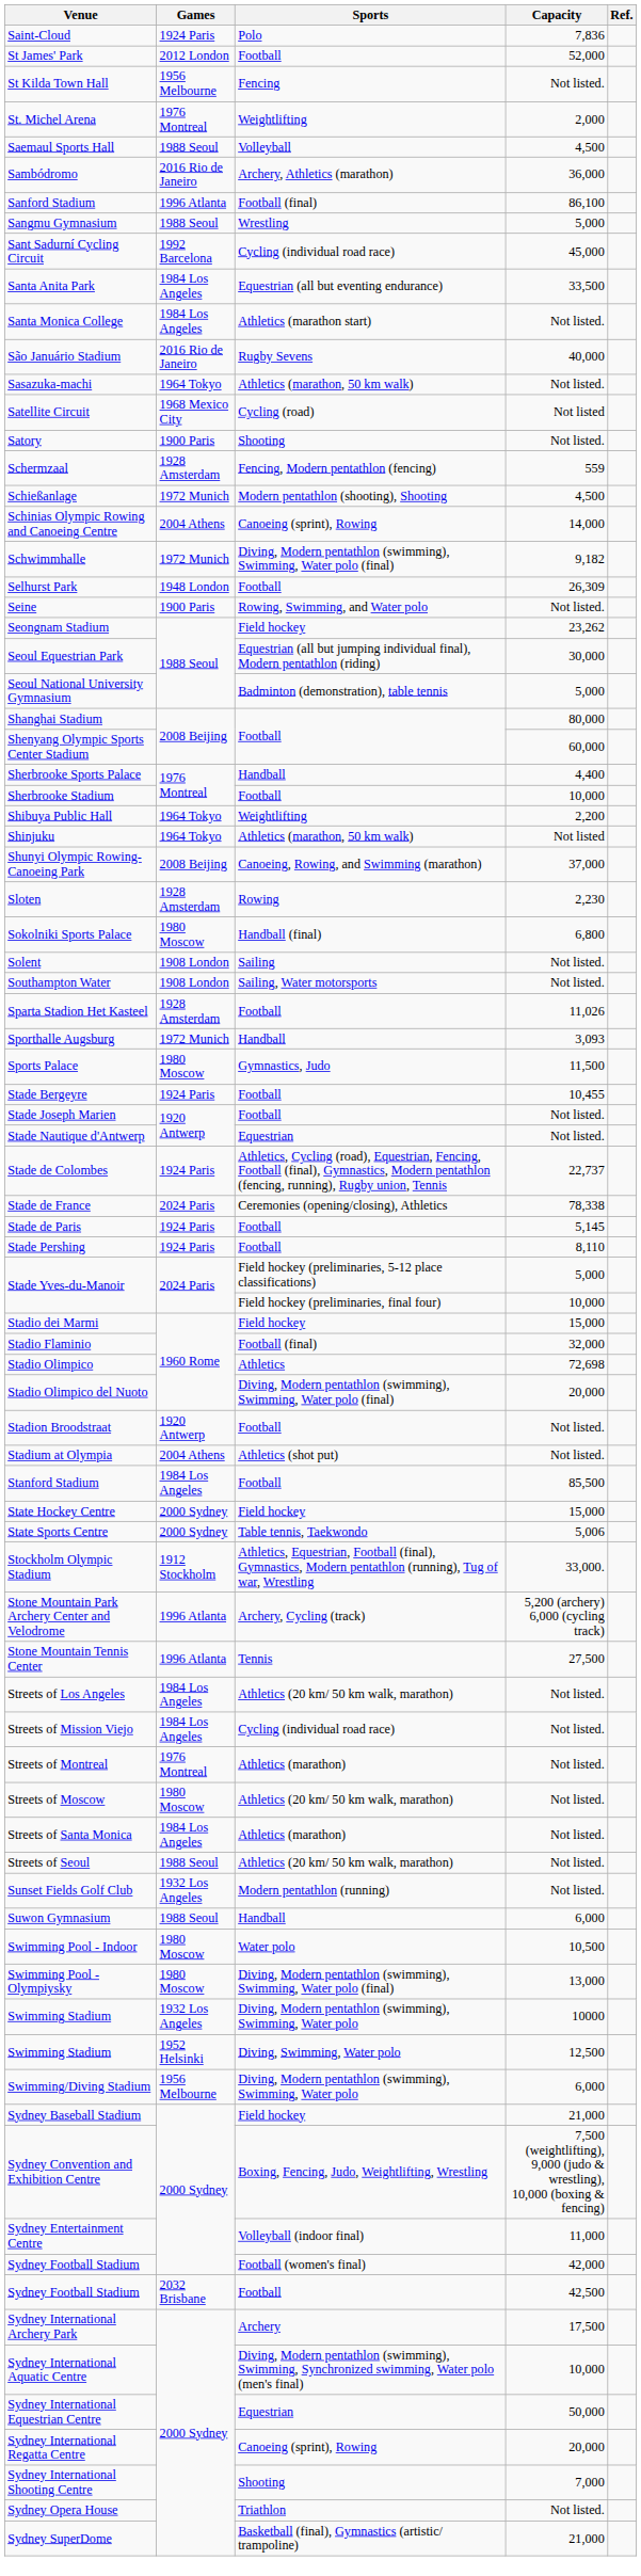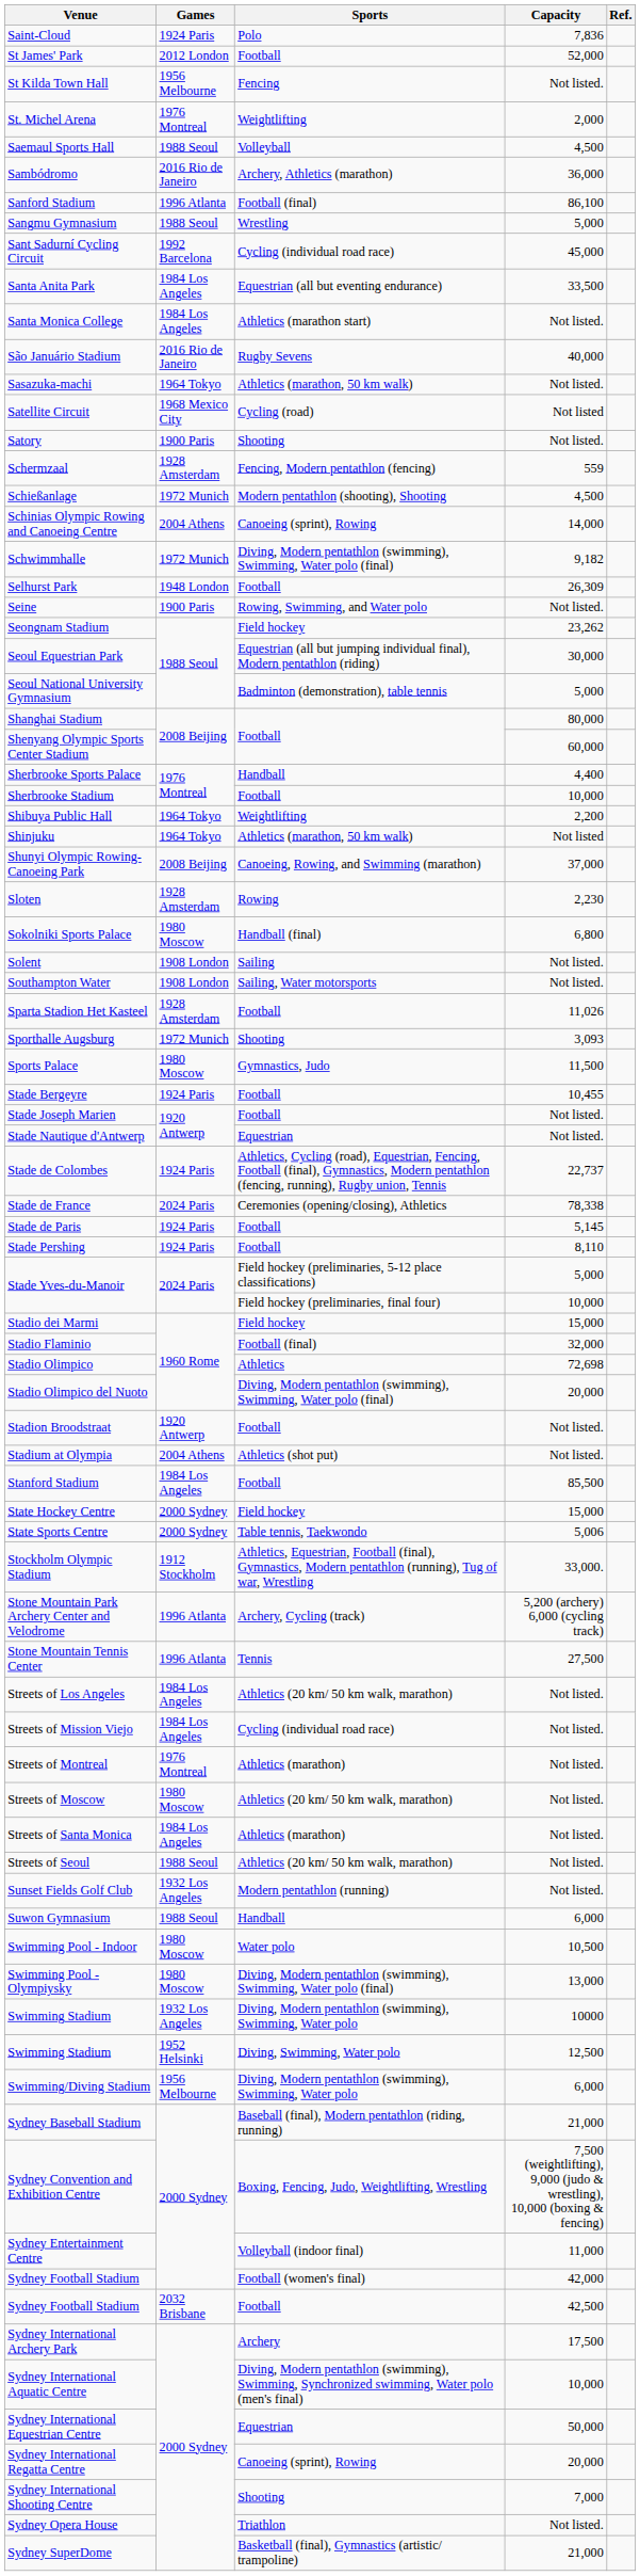 <table class="wikitable sortable" width=780px>
 <tr>
 <th>Venue</th>
 <th>Games</th>
 <th>Sports</th>
 <th>Capacity</th>
 <th>Ref.</th>
 </tr>
 <tr>
 <td><a href='#'>Saint-Cloud</a></td>
 <td><a href='#'>1924 Paris</a></td>
 <td><a href='#'>Polo</a></td>
 <td align="right">7,836</td>
 <td align=center></td>
 </tr>
 <tr>
 <td><a href='#'>St James' Park</a></td>
 <td><a href='#'>2012 London</a></td>
 <td><a href='#'>Football</a></td>
 <td align="right">52,000</td>
 <td align=center></td>
 </tr>
 <tr>
 <td><a href='#'>St Kilda Town Hall</a></td>
 <td><a href='#'>1956 Melbourne</a></td>
 <td><a href='#'>Fencing</a></td>
 <td align="right">Not listed.</td>
 <td align=center></td>
 </tr>
 <tr>
 <td><a href='#'>St. Michel Arena</a></td>
 <td><a href='#'>1976 Montreal</a></td>
 <td><a href='#'>Weightlifting</a></td>
 <td align="right">2,000</td>
 <td align=center></td>
 </tr>
 <tr>
 <td><a href='#'>Saemaul Sports Hall</a></td>
 <td><a href='#'>1988 Seoul</a></td>
 <td><a href='#'>Volleyball</a></td>
 <td align="right">4,500</td>
 <td align=center></td>
 </tr>
 <tr>
 <td><a href='#'>Sambódromo</a></td>
 <td><a href='#'>2016 Rio de Janeiro</a></td>
 <td><a href='#'>Archery</a>, <a href='#'>Athletics</a> (marathon)</td>
 <td align="right">36,000</td>
 <td align="center"></td>
 </tr>
 <tr>
 <td><a href='#'>Sanford Stadium</a></td>
 <td><a href='#'>1996 Atlanta</a></td>
 <td><a href='#'>Football</a> (final)</td>
 <td align="right">86,100</td>
 <td align=center></td>
 </tr>
 <tr>
 <td><a href='#'>Sangmu Gymnasium</a></td>
 <td><a href='#'>1988 Seoul</a></td>
 <td><a href='#'>Wrestling</a></td>
 <td align="right">5,000</td>
 <td align=center></td>
 </tr>
 <tr>
 <td><a href='#'>Sant Sadurní Cycling Circuit</a></td>
 <td><a href='#'>1992 Barcelona</a></td>
 <td><a href='#'>Cycling</a> (individual road race)</td>
 <td align="right">45,000</td>
 <td align=center></td>
 </tr>
 <tr>
 <td><a href='#'>Santa Anita Park</a></td>
 <td><a href='#'>1984 Los Angeles</a></td>
 <td><a href='#'>Equestrian</a> (all but eventing endurance)</td>
 <td align="right">33,500</td>
 <td align=center></td>
 </tr>
 <tr>
 <td><a href='#'>Santa Monica College</a></td>
 <td><a href='#'>1984 Los Angeles</a></td>
 <td><a href='#'>Athletics</a> (marathon start)</td>
 <td align="right">Not listed.</td>
 <td align=center></td>
 </tr>
 <tr>
 <td><a href='#'>São Januário Stadium</a></td>
 <td><a href='#'>2016 Rio de Janeiro</a></td>
 <td><a href='#'>Rugby Sevens</a></td>
 <td align="right">40,000</td>
 <td></td>
 </tr>
 <tr>
 <td><a href='#'>Sasazuka-machi</a></td>
 <td><a href='#'>1964 Tokyo</a></td>
 <td><a href='#'>Athletics</a> (<a href='#'>marathon</a>, <a href='#'>50 km walk</a>)</td>
 <td align="right">Not listed.</td>
 <td align=center></td>
 </tr>
 <tr>
 <td><a href='#'>Satellite Circuit</a></td>
 <td><a href='#'>1968 Mexico City</a></td>
 <td><a href='#'>Cycling</a> (road)</td>
 <td align="right">Not listed</td>
 <td align=center></td>
 </tr>
 <tr>
 <td><a href='#'>Satory</a></td>
 <td><a href='#'>1900 Paris</a></td>
 <td><a href='#'>Shooting</a></td>
 <td align=right>Not listed.</td>
 <td align=center></td>
 </tr>
 <tr>
 <td><a href='#'>Schermzaal</a></td>
 <td><a href='#'>1928 Amsterdam</a></td>
 <td><a href='#'>Fencing</a>, <a href='#'>Modern pentathlon</a> (fencing)</td>
 <td align="right">559</td>
 <td align=center></td>
 </tr>
 <tr>
 <td><a href='#'>Schießanlage</a></td>
 <td><a href='#'>1972 Munich</a></td>
 <td><a href='#'>Modern pentathlon</a> (shooting), <a href='#'>Shooting</a></td>
 <td align="right">4,500</td>
 <td align=center></td>
 </tr>
 <tr>
 <td><a href='#'>Schinias Olympic Rowing and Canoeing Centre</a></td>
 <td><a href='#'>2004 Athens</a></td>
 <td><a href='#'>Canoeing</a> (sprint), <a href='#'>Rowing</a></td>
 <td align="right">14,000</td>
 <td align=center></td>
 </tr>
 <tr>
 <td><a href='#'>Schwimmhalle</a></td>
 <td><a href='#'>1972 Munich</a></td>
 <td><a href='#'>Diving</a>, <a href='#'>Modern pentathlon</a> (swimming), <a href='#'>Swimming</a>, <a href='#'>Water polo</a> (final)</td>
 <td align="right">9,182</td>
 <td align=center></td>
 </tr>
 <tr>
 <td><a href='#'>Selhurst Park</a></td>
 <td><a href='#'>1948 London</a></td>
 <td><a href='#'>Football</a></td>
 <td align="right">26,309</td>
 <td align=center></td>
 </tr>
 <tr>
 <td><a href='#'>Seine</a></td>
 <td><a href='#'>1900 Paris</a></td>
 <td><a href='#'>Rowing</a>, <a href='#'>Swimming</a>, and <a href='#'>Water polo</a></td>
 <td align=right>Not listed.</td>
 <td align=center></td>
 </tr>
 <tr>
 <td><a href='#'>Seongnam Stadium</a></td>
 <td rowspan="3"><a href='#'>1988 Seoul</a></td>
 <td><a href='#'>Field hockey</a></td>
 <td align="right">23,262</td>
 <td align=center></td>
 </tr>
 <tr>
 <td><a href='#'>Seoul Equestrian Park</a></td>
 <td><a href='#'>Equestrian</a> (all but jumping individual final), <a href='#'>Modern pentathlon</a> (riding)</td>
 <td align="right">30,000</td>
 <td align=center></td>
 </tr>
 <tr>
 <td><a href='#'>Seoul National University Gymnasium</a></td>
 <td><a href='#'>Badminton</a> (demonstration), <a href='#'>table tennis</a></td>
 <td align="right">5,000</td>
 <td align=center></td>
 </tr>
 <tr>
 <td><a href='#'>Shanghai Stadium</a></td>
 <td rowspan="2"><a href='#'>2008 Beijing</a></td>
 <td rowspan="2"><a href='#'>Football</a></td>
 <td align="right">80,000</td>
 <td align=center></td>
 </tr>
 <tr>
 <td><a href='#'>Shenyang Olympic Sports Center Stadium</a></td>
 <td align="right">60,000</td>
 <td align=center></td>
 </tr>
 <tr>
 <td><a href='#'>Sherbrooke Sports Palace</a></td>
 <td rowspan="2"><a href='#'>1976 Montreal</a></td>
 <td><a href='#'>Handball</a></td>
 <td align="right">4,400</td>
 <td align=center></td>
 </tr>
 <tr>
 <td><a href='#'>Sherbrooke Stadium</a></td>
 <td><a href='#'>Football</a></td>
 <td align="right">10,000</td>
 <td align=center></td>
 </tr>
 <tr>
 <td><a href='#'>Shibuya Public Hall</a></td>
 <td><a href='#'>1964 Tokyo</a></td>
 <td><a href='#'>Weightlifting</a></td>
 <td align="right">2,200</td>
 <td align=center></td>
 </tr>
 <tr>
 <td><a href='#'>Shinjuku</a></td>
 <td><a href='#'>1964 Tokyo</a></td>
 <td><a href='#'>Athletics</a> (<a href='#'>marathon</a>, <a href='#'>50 km walk</a>)</td>
 <td align="right">Not listed</td>
 <td align=center></td>
 </tr>
 <tr>
 <td><a href='#'>Shunyi Olympic Rowing-Canoeing Park</a></td>
 <td><a href='#'>2008 Beijing</a></td>
 <td><a href='#'>Canoeing</a>, <a href='#'>Rowing</a>, and <a href='#'>Swimming</a> (marathon)</td>
 <td align="right">37,000</td>
 <td align=center></td>
 </tr>
 <tr>
 <td><a href='#'>Sloten</a></td>
 <td><a href='#'>1928 Amsterdam</a></td>
 <td><a href='#'>Rowing</a></td>
 <td align="right">2,230</td>
 <td align=center></td>
 </tr>
 <tr>
 <td><a href='#'>Sokolniki Sports Palace</a></td>
 <td><a href='#'>1980 Moscow</a></td>
 <td><a href='#'>Handball</a> (final)</td>
 <td align="right">6,800</td>
 <td align=center></td>
 </tr>
 <tr>
 <td><a href='#'>Solent</a></td>
 <td><a href='#'>1908 London</a></td>
 <td><a href='#'>Sailing</a></td>
 <td align="right">Not listed.</td>
 <td align=center></td>
 </tr>
 <tr>
 <td><a href='#'>Southampton Water</a></td>
 <td><a href='#'>1908 London</a></td>
 <td><a href='#'>Sailing</a>, <a href='#'>Water motorsports</a></td>
 <td align="right">Not listed.</td>
 <td align=center></td>
 </tr>
 <tr>
 <td><a href='#'>Sparta Stadion Het Kasteel</a></td>
 <td><a href='#'>1928 Amsterdam</a></td>
 <td><a href='#'>Football</a></td>
 <td align="right">11,026</td>
 <td align=center></td>
 </tr>
 <tr>
 <td><a href='#'>Sporthalle Augsburg</a></td>
 <td><a href='#'>1972 Munich</a></td>
-<td><a href='#'>Handball</a></td>
+<td><a href='#'>Shooting</a></td>
 <td align="right">3,093</td>
 <td align=center></td>
 </tr>
 <tr>
 <td><a href='#'>Sports Palace</a></td>
 <td><a href='#'>1980 Moscow</a></td>
 <td><a href='#'>Gymnastics</a>, <a href='#'>Judo</a></td>
 <td align="right">11,500</td>
 <td align=center></td>
 </tr>
 <tr>
 <td><a href='#'>Stade Bergeyre</a></td>
 <td><a href='#'>1924 Paris</a></td>
 <td><a href='#'>Football</a></td>
 <td align="right">10,455</td>
 <td align=center></td>
 </tr>
 <tr>
 <td><a href='#'>Stade Joseph Marien</a></td>
 <td rowspan="2"><a href='#'>1920 Antwerp</a></td>
 <td><a href='#'>Football</a></td>
 <td align="right">Not listed.</td>
 <td align=center></td>
 </tr>
 <tr>
 <td><a href='#'>Stade Nautique d'Antwerp</a></td>
 <td><a href='#'>Equestrian</a></td>
 <td align="right">Not listed.</td>
 <td align=center></td>
 </tr>
 <tr>
 <td><a href='#'>Stade de Colombes</a></td>
 <td><a href='#'>1924 Paris</a></td>
 <td><a href='#'>Athletics</a>, <a href='#'>Cycling</a> (road), <a href='#'>Equestrian</a>, <a href='#'>Fencing</a>, <a href='#'>Football</a> (final), <a href='#'>Gymnastics</a>, <a href='#'>Modern pentathlon</a> (fencing, running), <a href='#'>Rugby union</a>, <a href='#'>Tennis</a></td>
 <td align="right">22,737</td>
 <td align=center></td>
 </tr>
 <tr>
 <td><a href='#'>Stade de France</a></td>
 <td><a href='#'>2024 Paris</a></td>
 <td>Ceremonies (opening/closing), Athletics</td>
 <td align="right">78,338</td>
 <td></td>
 </tr>
 <tr>
 <td><a href='#'>Stade de Paris</a></td>
 <td><a href='#'>1924 Paris</a></td>
 <td><a href='#'>Football</a></td>
 <td align="right">5,145</td>
 <td align=center></td>
 </tr>
 <tr>
 <td><a href='#'>Stade Pershing</a></td>
 <td><a href='#'>1924 Paris</a></td>
 <td><a href='#'>Football</a></td>
 <td align="right">8,110</td>
 <td align=center></td>
 </tr>
 <tr>
 <td rowspan="2"><a href='#'>Stade Yves-du-Manoir</a></td>
 <td rowspan="2"><a href='#'>2024 Paris</a></td>
 <td>Field hockey (preliminaries, 5-12 place classifications)</td>
 <td align="right">5,000</td>
 <td></td>
 </tr>
 <tr>
 <td>Field hockey (preliminaries, final four)</td>
 <td align="right">10,000</td>
 <td></td>
 </tr>
 <tr>
 <td><a href='#'>Stadio dei Marmi</a></td>
 <td rowspan="4"><a href='#'>1960 Rome</a></td>
 <td><a href='#'>Field hockey</a></td>
 <td align="right">15,000</td>
 <td align=center></td>
 </tr>
 <tr>
 <td><a href='#'>Stadio Flaminio</a></td>
 <td><a href='#'>Football</a> (final)</td>
 <td align="right">32,000</td>
 <td align=center></td>
 </tr>
 <tr>
 <td><a href='#'>Stadio Olimpico</a></td>
 <td><a href='#'>Athletics</a></td>
 <td align="right">72,698</td>
 <td align=center></td>
 </tr>
 <tr>
 <td><a href='#'>Stadio Olimpico del Nuoto</a></td>
 <td><a href='#'>Diving</a>, <a href='#'>Modern pentathlon</a> (swimming), <a href='#'>Swimming</a>, <a href='#'>Water polo</a> (final)</td>
 <td align="right">20,000</td>
 <td align=center></td>
 </tr>
 <tr>
 <td><a href='#'>Stadion Broodstraat</a></td>
 <td><a href='#'>1920 Antwerp</a></td>
 <td><a href='#'>Football</a></td>
 <td align="right">Not listed.</td>
 <td align=center></td>
 </tr>
 <tr>
 <td><a href='#'>Stadium at Olympia</a></td>
 <td><a href='#'>2004 Athens</a></td>
 <td><a href='#'>Athletics</a> (shot put)</td>
 <td align="right">Not listed.</td>
 <td align=center></td>
 </tr>
 <tr>
 <td><a href='#'>Stanford Stadium</a></td>
 <td><a href='#'>1984 Los Angeles</a></td>
 <td><a href='#'>Football</a></td>
 <td align="right">85,500</td>
 <td align=center></td>
 </tr>
 <tr>
 <td><a href='#'>State Hockey Centre</a></td>
 <td><a href='#'>2000 Sydney</a></td>
 <td><a href='#'>Field hockey</a></td>
 <td align="right">15,000</td>
 <td align=center></td>
 </tr>
 <tr>
 <td><a href='#'>State Sports Centre</a></td>
 <td><a href='#'>2000 Sydney</a></td>
 <td><a href='#'>Table tennis</a>, <a href='#'>Taekwondo</a></td>
 <td align="right">5,006</td>
 <td align=center></td>
 </tr>
 <tr>
 <td><a href='#'>Stockholm Olympic Stadium</a></td>
 <td><a href='#'>1912 Stockholm</a></td>
 <td><a href='#'>Athletics</a>, <a href='#'>Equestrian</a>, <a href='#'>Football</a> (final), <a href='#'>Gymnastics</a>, <a href='#'>Modern pentathlon</a> (running), <a href='#'>Tug of war</a>, <a href='#'>Wrestling</a></td>
 <td align="right">33,000.</td>
 <td align=center></td>
 </tr>
 <tr>
 <td><a href='#'>Stone Mountain Park Archery Center and Velodrome</a></td>
 <td><a href='#'>1996 Atlanta</a></td>
 <td><a href='#'>Archery</a>, <a href='#'>Cycling</a> (track)</td>
 <td align="right">5,200 (archery)<br>6,000 (cycling track)</td>
 <td align=center></td>
 </tr>
 <tr>
 <td><a href='#'>Stone Mountain Tennis Center</a></td>
 <td><a href='#'>1996 Atlanta</a></td>
 <td><a href='#'>Tennis</a></td>
 <td align="right">27,500</td>
 <td align=center></td>
 </tr>
 <tr>
 <td>Streets of <a href='#'>Los Angeles</a></td>
 <td><a href='#'>1984 Los Angeles</a></td>
 <td><a href='#'>Athletics</a> (20 km/ 50 km walk, marathon)</td>
 <td align="right">Not listed.</td>
 <td align=center></td>
 </tr>
 <tr>
 <td>Streets of <a href='#'>Mission Viejo</a></td>
 <td><a href='#'>1984 Los Angeles</a></td>
 <td><a href='#'>Cycling</a> (individual road race)</td>
 <td align="right">Not listed.</td>
 <td align=center></td>
 </tr>
 <tr>
 <td>Streets of <a href='#'>Montreal</a></td>
 <td><a href='#'>1976 Montreal</a></td>
 <td><a href='#'>Athletics</a> (marathon)</td>
 <td align="right">Not listed.</td>
 <td align=center></td>
 </tr>
 <tr>
 <td>Streets of <a href='#'>Moscow</a></td>
 <td><a href='#'>1980 Moscow</a></td>
 <td><a href='#'>Athletics</a> (20 km/ 50 km walk, marathon)</td>
 <td align="right">Not listed.</td>
 <td align=center></td>
 </tr>
 <tr>
 <td>Streets of <a href='#'>Santa Monica</a></td>
 <td><a href='#'>1984 Los Angeles</a></td>
 <td><a href='#'>Athletics</a> (marathon)</td>
 <td align="right">Not listed.</td>
 <td align=center></td>
 </tr>
 <tr>
 <td>Streets of <a href='#'>Seoul</a></td>
 <td><a href='#'>1988 Seoul</a></td>
 <td><a href='#'>Athletics</a> (20 km/ 50 km walk, marathon)</td>
 <td align="right">Not listed.</td>
 <td align=center></td>
 </tr>
 <tr>
 <td><a href='#'>Sunset Fields Golf Club</a></td>
 <td><a href='#'>1932 Los Angeles</a></td>
 <td><a href='#'>Modern pentathlon</a> (running)</td>
 <td align="right">Not listed.</td>
 <td align=center></td>
 </tr>
 <tr>
 <td><a href='#'>Suwon Gymnasium</a></td>
 <td><a href='#'>1988 Seoul</a></td>
 <td><a href='#'>Handball</a></td>
 <td align="right">6,000</td>
 <td align=center></td>
 </tr>
 <tr>
 <td><a href='#'>Swimming Pool - Indoor</a></td>
 <td><a href='#'>1980 Moscow</a></td>
 <td><a href='#'>Water polo</a></td>
 <td align="right">10,500</td>
 <td align=center></td>
 </tr>
 <tr>
 <td><a href='#'>Swimming Pool - Olympiysky</a></td>
 <td><a href='#'>1980 Moscow</a></td>
 <td><a href='#'>Diving</a>, <a href='#'>Modern pentathlon</a> (swimming), <a href='#'>Swimming</a>, <a href='#'>Water polo</a> (final)</td>
 <td align="right">13,000</td>
 <td align=center></td>
 </tr>
 <tr>
 <td><a href='#'>Swimming Stadium</a></td>
 <td><a href='#'>1932 Los Angeles</a></td>
 <td><a href='#'>Diving</a>, <a href='#'>Modern pentathlon</a> (swimming), <a href='#'>Swimming</a>, <a href='#'>Water polo</a></td>
 <td align="right">10000</td>
 <td align=center></td>
 </tr>
 <tr>
 <td><a href='#'>Swimming Stadium</a></td>
 <td><a href='#'>1952 Helsinki</a></td>
 <td><a href='#'>Diving</a>, <a href='#'>Swimming</a>, <a href='#'>Water polo</a></td>
 <td align="right">12,500</td>
 <td align=center></td>
 </tr>
 <tr>
 <td><a href='#'>Swimming/Diving Stadium</a></td>
 <td><a href='#'>1956 Melbourne</a></td>
 <td><a href='#'>Diving</a>, <a href='#'>Modern pentathlon</a> (swimming), <a href='#'>Swimming</a>, <a href='#'>Water polo</a></td>
 <td align="right">6,000</td>
 <td align=center></td>
 </tr>
 <tr>
 <td><a href='#'>Sydney Baseball Stadium</a></td>
 <td rowspan="4"><a href='#'>2000 Sydney</a></td>
-<td><a href='#'>Field hockey</a></td>
+<td><a href='#'>Baseball</a> (final), <a href='#'>Modern pentathlon</a> (riding, running)</td>
 <td align="right">21,000</td>
 <td align=center></td>
 </tr>
 <tr>
 <td><a href='#'>Sydney Convention and Exhibition Centre</a></td>
 <td><a href='#'>Boxing</a>, <a href='#'>Fencing</a>, <a href='#'>Judo</a>, <a href='#'>Weightlifting</a>, <a href='#'>Wrestling</a></td>
 <td align="right">7,500 (weightlifting),<br>9,000 (judo & wrestling),<br>10,000 (boxing & fencing)</td>
 <td align=center></td>
 </tr>
 <tr>
 <td><a href='#'>Sydney Entertainment Centre</a></td>
 <td><a href='#'>Volleyball</a> (indoor final)</td>
 <td align="right">11,000</td>
 <td align=center></td>
 </tr>
 <tr>
 <td><a href='#'>Sydney Football Stadium</a></td>
 <td><a href='#'>Football</a> (women's final)</td>
 <td align="right">42,000</td>
 <td align=center></td>
 </tr>
 <tr>
 <td><a href='#'>Sydney Football Stadium</a></td>
 <td><a href='#'>2032 Brisbane</a></td>
 <td><a href='#'>Football</a></td>
 <td align="right">42,500</td>
 </tr>
 <tr>
 <td><a href='#'>Sydney International Archery Park</a></td>
 <td rowspan="7"><a href='#'>2000 Sydney</a></td>
 <td><a href='#'>Archery</a></td>
 <td align="right">17,500</td>
 <td align=center></td>
 </tr>
 <tr>
 <td><a href='#'>Sydney International Aquatic Centre</a></td>
 <td><a href='#'>Diving</a>, <a href='#'>Modern pentathlon</a> (swimming), <a href='#'>Swimming</a>, <a href='#'>Synchronized swimming</a>, <a href='#'>Water polo</a> (men's final)</td>
 <td align="right">10,000</td>
 <td align=center></td>
 </tr>
 <tr>
 <td><a href='#'>Sydney International Equestrian Centre</a></td>
 <td><a href='#'>Equestrian</a></td>
 <td align="right">50,000</td>
 <td align=center></td>
 </tr>
 <tr>
 <td><a href='#'>Sydney International Regatta Centre</a></td>
 <td><a href='#'>Canoeing</a> (sprint), <a href='#'>Rowing</a></td>
 <td align="right">20,000</td>
 <td align=center></td>
 </tr>
 <tr>
 <td><a href='#'>Sydney International Shooting Centre</a></td>
 <td><a href='#'>Shooting</a></td>
 <td align="right">7,000</td>
 <td align=center></td>
 </tr>
 <tr>
 <td><a href='#'>Sydney Opera House</a></td>
 <td><a href='#'>Triathlon</a></td>
 <td align="right">Not listed.</td>
 <td align=center></td>
 </tr>
 <tr>
 <td><a href='#'>Sydney SuperDome</a></td>
 <td><a href='#'>Basketball</a> (final), <a href='#'>Gymnastics</a> (artistic/ trampoline)</td>
 <td align="right">21,000</td>
 <td align=center></td>
 </tr>
 </table>
